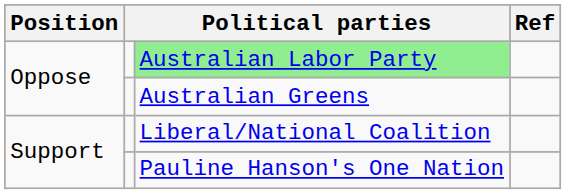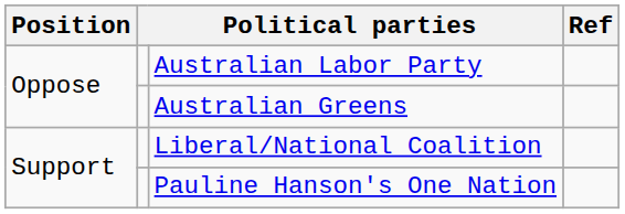 <table class="wikitable">
 <tr>
 <th>Position</th>
 <th colspan=2>Political parties</th>
 <th>Ref</th>
 </tr>
 <tr>
 <td rowspan="2">Oppose</td>
 <td></td>
-<td style="background: lightgreen;"><a href='#'>Australian Labor Party</a></td>
+<td><a href='#'>Australian Labor Party</a></td>
 <td></td>
 </tr>
 <tr>
 <td></td>
 <td><a href='#'>Australian Greens</a></td>
 <td></td>
 </tr>
 <tr ->
 <td rowspan="3">Support</td>
 <td></td>
 <td><a href='#'>Liberal/National Coalition</a></td>
 <td></td>
 </tr>
 <tr ->
 <td></td>
 <td><a href='#'>Pauline Hanson's One Nation</a></td>
 <td></td>
 </tr>
 </table>
